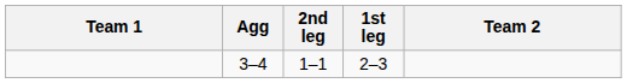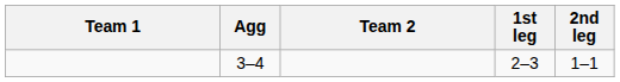 <table class="wikitable" style="text-align:center">
 <tr>
 <th width=200>Team 1</th>
 <th width=50>Agg</th>
+<th width=200>Team 2</th>
+<th width=50>1st leg</th>
 <th width=50>2nd leg</th>
-<th width=50>1st leg</th>
-<th width=200>Team 2</th>
 </tr>
 <tr>
 <td align=right></td>
 <td>3–4</td>
+<td align=left><strong></strong></td>
+<td>2–3</td>
 <td>1–1</td>
-<td>2–3</td>
-<td align=left><strong></strong></td>
 </tr>
 </table>
